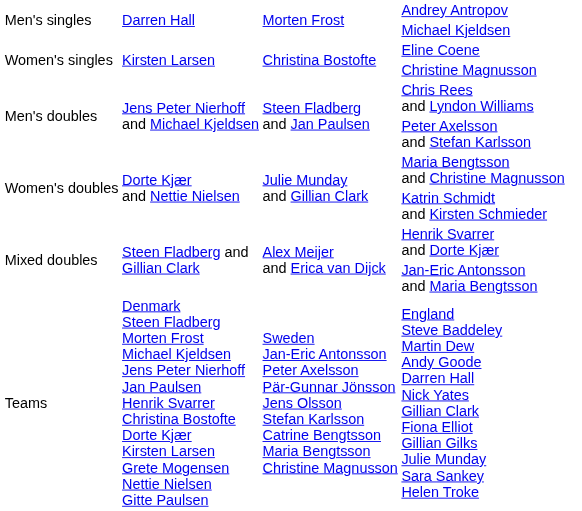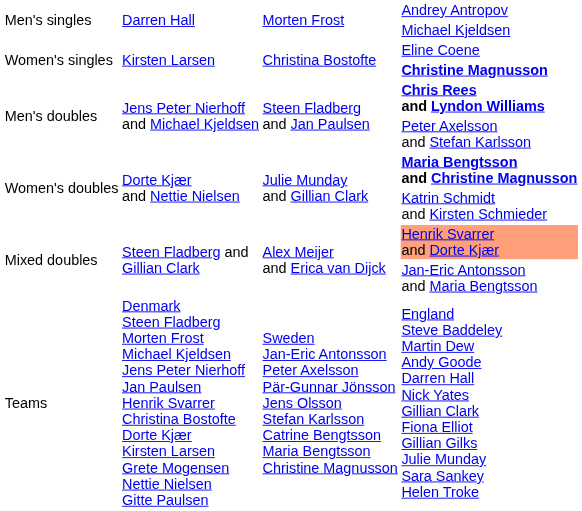 <table>
 <tr>
 <td rowspan=2>Men's singles</td>
 <td rowspan=2> <a href='#'>Darren Hall</a></td>
 <td rowspan=2> <a href='#'>Morten Frost</a></td>
 <td> <a href='#'>Andrey Antropov</a></td>
 </tr>
 <tr>
 <td> <a href='#'>Michael Kjeldsen</a></td>
 </tr>
 <tr>
 <td rowspan=2>Women's singles</td>
 <td rowspan=2> <a href='#'>Kirsten Larsen</a></td>
 <td rowspan=2> <a href='#'>Christina Bostofte</a></td>
 <td> <a href='#'>Eline Coene</a></td>
 </tr>
 <tr>
-<td> <a href='#'>Christine Magnusson</a></td>
+<td><strong> <a href='#'>Christine Magnusson</a></strong></td>
 </tr>
 <tr>
 <td rowspan=2>Men's doubles</td>
 <td rowspan=2> <a href='#'>Jens Peter Nierhoff</a><br>and <a href='#'>Michael Kjeldsen</a></td>
 <td rowspan=2> <a href='#'>Steen Fladberg</a><br>and <a href='#'>Jan Paulsen</a></td>
-<td> <a href='#'>Chris Rees</a><br>and <a href='#'>Lyndon Williams</a></td>
+<td><strong> <a href='#'>Chris Rees</a><br>and <a href='#'>Lyndon Williams</a></strong></td>
 </tr>
 <tr>
 <td> <a href='#'>Peter Axelsson</a><br>and <a href='#'>Stefan Karlsson</a></td>
 </tr>
 <tr>
 <td rowspan=2>Women's doubles</td>
 <td rowspan=2> <a href='#'>Dorte Kjær</a><br>and <a href='#'>Nettie Nielsen</a></td>
 <td rowspan=2> <a href='#'>Julie Munday</a><br>and <a href='#'>Gillian Clark</a></td>
-<td> <a href='#'>Maria Bengtsson</a><br>and <a href='#'>Christine Magnusson</a></td>
+<td><strong> <a href='#'>Maria Bengtsson</a><br>and <a href='#'>Christine Magnusson</a></strong></td>
 </tr>
 <tr>
 <td> <a href='#'>Katrin Schmidt</a><br> and <a href='#'>Kirsten Schmieder</a></td>
 </tr>
 <tr>
 <td rowspan=2>Mixed doubles</td>
 <td rowspan=2> <a href='#'>Steen Fladberg</a> and<br>  <a href='#'>Gillian Clark</a></td>
 <td rowspan=2> <a href='#'>Alex Meijer</a><br> and <a href='#'>Erica van Dijck</a></td>
-<td> <a href='#'>Henrik Svarrer</a><br>and <a href='#'>Dorte Kjær</a></td>
+<td style="background: lightsalmon;"> <a href='#'>Henrik Svarrer</a><br>and <a href='#'>Dorte Kjær</a></td>
 </tr>
 <tr>
 <td> <a href='#'>Jan-Eric Antonsson</a><br>and <a href='#'>Maria Bengtsson</a></td>
 </tr>
 <tr>
 <td>Teams</td>
 <td> <a href='#'>Denmark</a><br><a href='#'>Steen Fladberg</a><br><a href='#'>Morten Frost</a><br><a href='#'>Michael Kjeldsen</a><br><a href='#'>Jens Peter Nierhoff</a><br><a href='#'>Jan Paulsen</a><br><a href='#'>Henrik Svarrer</a><br><a href='#'>Christina Bostofte</a><br><a href='#'>Dorte Kjær</a><br><a href='#'>Kirsten Larsen</a><br><a href='#'>Grete Mogensen</a><br><a href='#'>Nettie Nielsen</a><br><a href='#'>Gitte Paulsen</a></td>
 <td> <a href='#'>Sweden</a><br><a href='#'>Jan-Eric Antonsson</a><br><a href='#'>Peter Axelsson</a><br><a href='#'>Pär-Gunnar Jönsson</a><br><a href='#'>Jens Olsson</a><br><a href='#'>Stefan Karlsson</a><br><a href='#'>Catrine Bengtsson</a><br><a href='#'>Maria Bengtsson</a><br><a href='#'>Christine Magnusson</a></td>
 <td> <a href='#'>England</a><br><a href='#'>Steve Baddeley</a><br><a href='#'>Martin Dew</a><br><a href='#'>Andy Goode</a><br><a href='#'>Darren Hall</a><br><a href='#'>Nick Yates</a><br><a href='#'>Gillian Clark</a><br><a href='#'>Fiona Elliot</a><br><a href='#'>Gillian Gilks</a><br><a href='#'>Julie Munday</a><br><a href='#'>Sara Sankey</a><br><a href='#'>Helen Troke</a></td>
 </tr>
 </table>
